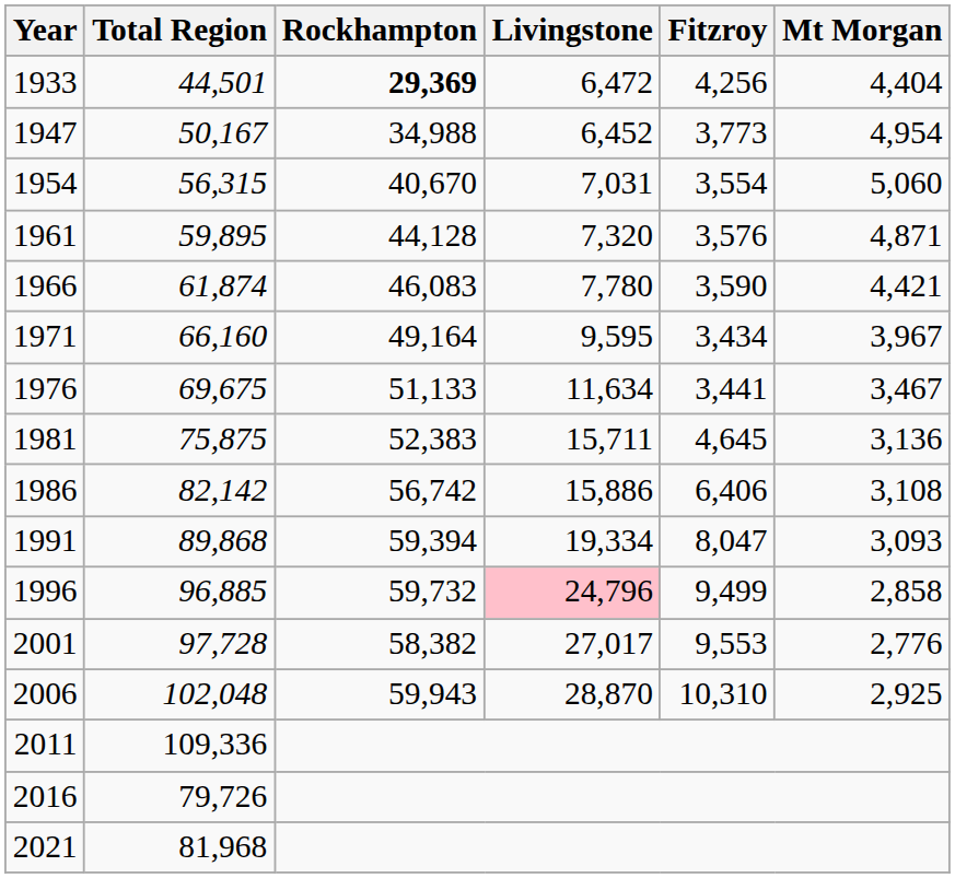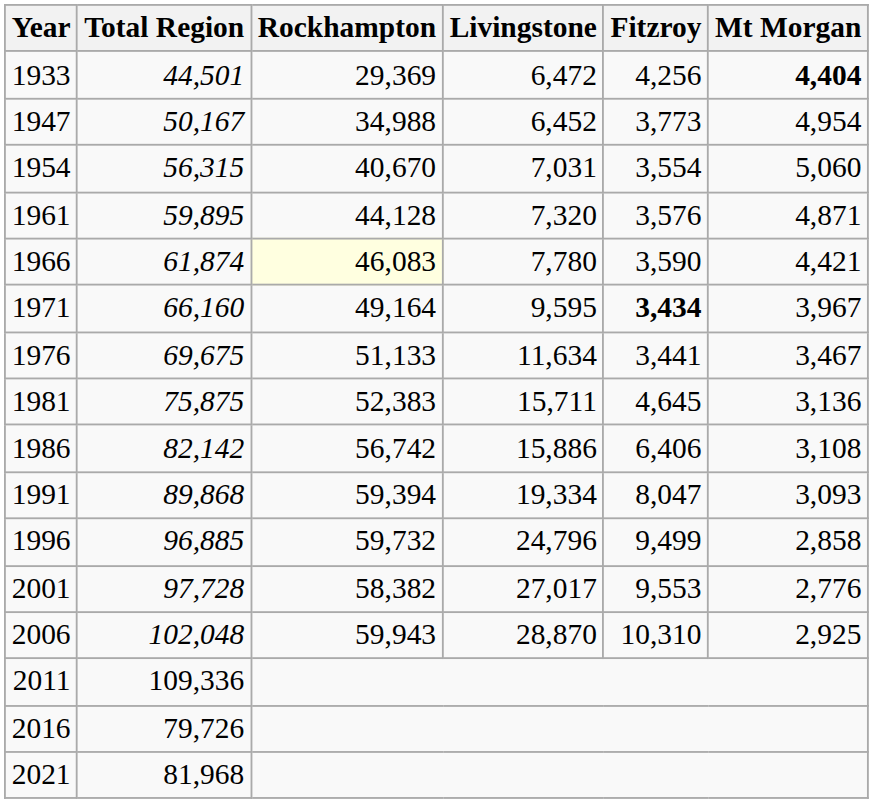 <table class="wikitable" style="text-align:right;">
 <tr>
 <th>Year</th>
 <th>Total Region</th>
 <th>Rockhampton</th>
 <th>Livingstone</th>
 <th>Fitzroy</th>
 <th>Mt Morgan</th>
 </tr>
 <tr>
 <td>1933</td>
 <td><em>44,501</em></td>
-<td><strong>29,369</strong></td>
+<td>29,369</td>
 <td>6,472</td>
 <td>4,256</td>
-<td>4,404</td>
+<td><strong>4,404</strong></td>
 </tr>
 <tr>
 <td>1947</td>
 <td><em>50,167</em></td>
 <td>34,988</td>
 <td>6,452</td>
 <td>3,773</td>
 <td>4,954</td>
 </tr>
 <tr>
 <td>1954</td>
 <td><em>56,315</em></td>
 <td>40,670</td>
 <td>7,031</td>
 <td>3,554</td>
 <td>5,060</td>
 </tr>
 <tr>
 <td>1961</td>
 <td><em>59,895</em></td>
 <td>44,128</td>
 <td>7,320</td>
 <td>3,576</td>
 <td>4,871</td>
 </tr>
 <tr>
 <td>1966</td>
 <td><em>61,874</em></td>
-<td>46,083</td>
+<td style="background: lightyellow;">46,083</td>
 <td>7,780</td>
 <td>3,590</td>
 <td>4,421</td>
 </tr>
 <tr>
 <td>1971</td>
 <td><em>66,160</em></td>
 <td>49,164</td>
 <td>9,595</td>
-<td>3,434</td>
+<td><strong>3,434</strong></td>
 <td>3,967</td>
 </tr>
 <tr>
 <td>1976</td>
 <td><em>69,675</em></td>
 <td>51,133</td>
 <td>11,634</td>
 <td>3,441</td>
 <td>3,467</td>
 </tr>
 <tr>
 <td>1981</td>
 <td><em>75,875</em></td>
 <td>52,383</td>
 <td>15,711</td>
 <td>4,645</td>
 <td>3,136</td>
 </tr>
 <tr>
 <td>1986</td>
 <td><em>82,142</em></td>
 <td>56,742</td>
 <td>15,886</td>
 <td>6,406</td>
 <td>3,108</td>
 </tr>
 <tr>
 <td>1991</td>
 <td><em>89,868</em></td>
 <td>59,394</td>
 <td>19,334</td>
 <td>8,047</td>
 <td>3,093</td>
 </tr>
 <tr>
 <td>1996</td>
 <td><em>96,885</em></td>
 <td>59,732</td>
-<td style="background: pink;">24,796</td>
+<td>24,796</td>
 <td>9,499</td>
 <td>2,858</td>
 </tr>
 <tr>
 <td>2001</td>
 <td><em>97,728</em></td>
 <td>58,382</td>
 <td>27,017</td>
 <td>9,553</td>
 <td>2,776</td>
 </tr>
 <tr>
 <td>2006</td>
 <td><em>102,048</em></td>
 <td>59,943</td>
 <td>28,870</td>
 <td>10,310</td>
 <td>2,925</td>
 </tr>
 <tr>
 <td>2011</td>
 <td>109,336</td>
 <td colspan=4 style="text-align: left;"></td>
 </tr>
 <tr>
 <td>2016</td>
 <td>79,726</td>
 <td colspan=4 style="text-align: left;"></td>
 </tr>
 <tr>
 <td>2021</td>
 <td>81,968</td>
 <td colspan=4 style="text-align: left;"></td>
 </tr>
 </table>
